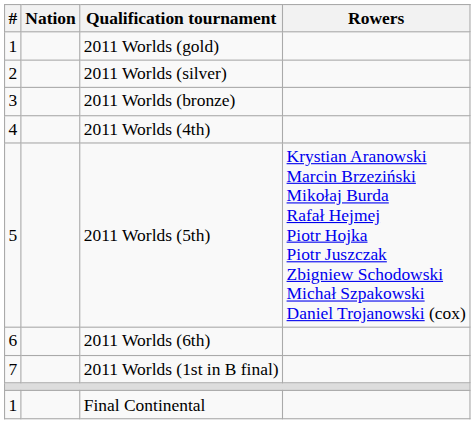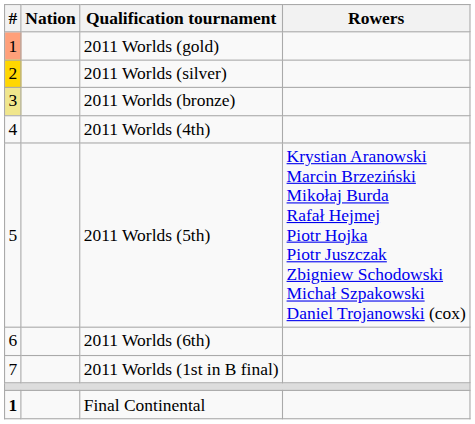 <table class="wikitable">
 <tr>
 <th>#</th>
 <th>Nation</th>
 <th>Qualification tournament</th>
 <th>Rowers</th>
 </tr>
 <tr>
-<td>1</td>
+<td style="background: lightsalmon;">1</td>
 <td></td>
 <td>2011 Worlds (gold)</td>
 <td></td>
 </tr>
 <tr>
-<td>2</td>
+<td style="background: gold;">2</td>
 <td></td>
 <td>2011 Worlds (silver)</td>
 <td></td>
 </tr>
 <tr>
-<td>3</td>
+<td style="background: khaki;">3</td>
 <td></td>
 <td>2011 Worlds (bronze)</td>
 <td></td>
 </tr>
 <tr>
 <td>4</td>
 <td></td>
 <td>2011 Worlds (4th)</td>
 <td></td>
 </tr>
 <tr>
 <td>5</td>
 <td></td>
 <td>2011 Worlds (5th)</td>
 <td><a href='#'>Krystian Aranowski</a><br><a href='#'>Marcin Brzeziński</a><br><a href='#'>Mikołaj Burda</a><br><a href='#'>Rafał Hejmej</a><br><a href='#'>Piotr Hojka</a><br><a href='#'>Piotr Juszczak</a><br><a href='#'>Zbigniew Schodowski</a><br><a href='#'>Michał Szpakowski</a><br><a href='#'>Daniel Trojanowski</a> (cox)</td>
 </tr>
 <tr>
 <td>6</td>
 <td></td>
 <td>2011 Worlds (6th)</td>
 <td></td>
 </tr>
 <tr>
 <td>7</td>
 <td></td>
 <td>2011 Worlds (1st in B final)</td>
 <td></td>
 </tr>
 <tr bgcolor=#DDDDDD>
 <td colspan=4></td>
 </tr>
 <tr>
-<td>1</td>
+<td><strong>1</strong></td>
 <td></td>
 <td>Final Continental</td>
 <td></td>
 </tr>
 </table>
